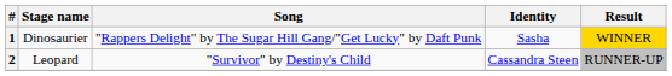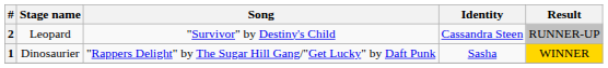 <table class="wikitable plainrowheaders" style="text-align: center;">
 <tr>
 <th>#</th>
 <th>Stage name</th>
 <th>Song</th>
 <th>Identity</th>
 <th>Result</th>
 </tr>
 <tr>
+<th>2</th>
+<td>Leopard</td>
+<td>"<a href='#'>Survivor</a>" by <a href='#'>Destiny's Child</a></td>
+<td><a href='#'>Cassandra Steen</a></td>
+<td bgcolor=Silver>RUNNER-UP</td>
+</tr>
+<tr>
 <th>1</th>
 <td>Dinosaurier</td>
 <td>"<a href='#'>Rappers Delight</a>" by <a href='#'>The Sugar Hill Gang</a>/"<a href='#'>Get Lucky</a>" by <a href='#'>Daft Punk</a></td>
 <td><a href='#'>Sasha</a></td>
 <td bgcolor=gold>WINNER</td>
 </tr>
 <tr>
-<th>2</th>
-<td>Leopard</td>
-<td>"<a href='#'>Survivor</a>" by <a href='#'>Destiny's Child</a></td>
-<td><a href='#'>Cassandra Steen</a></td>
-<td bgcolor=Silver>RUNNER-UP</td>
-</tr>
-<tr>
 </tr>
 </table>
